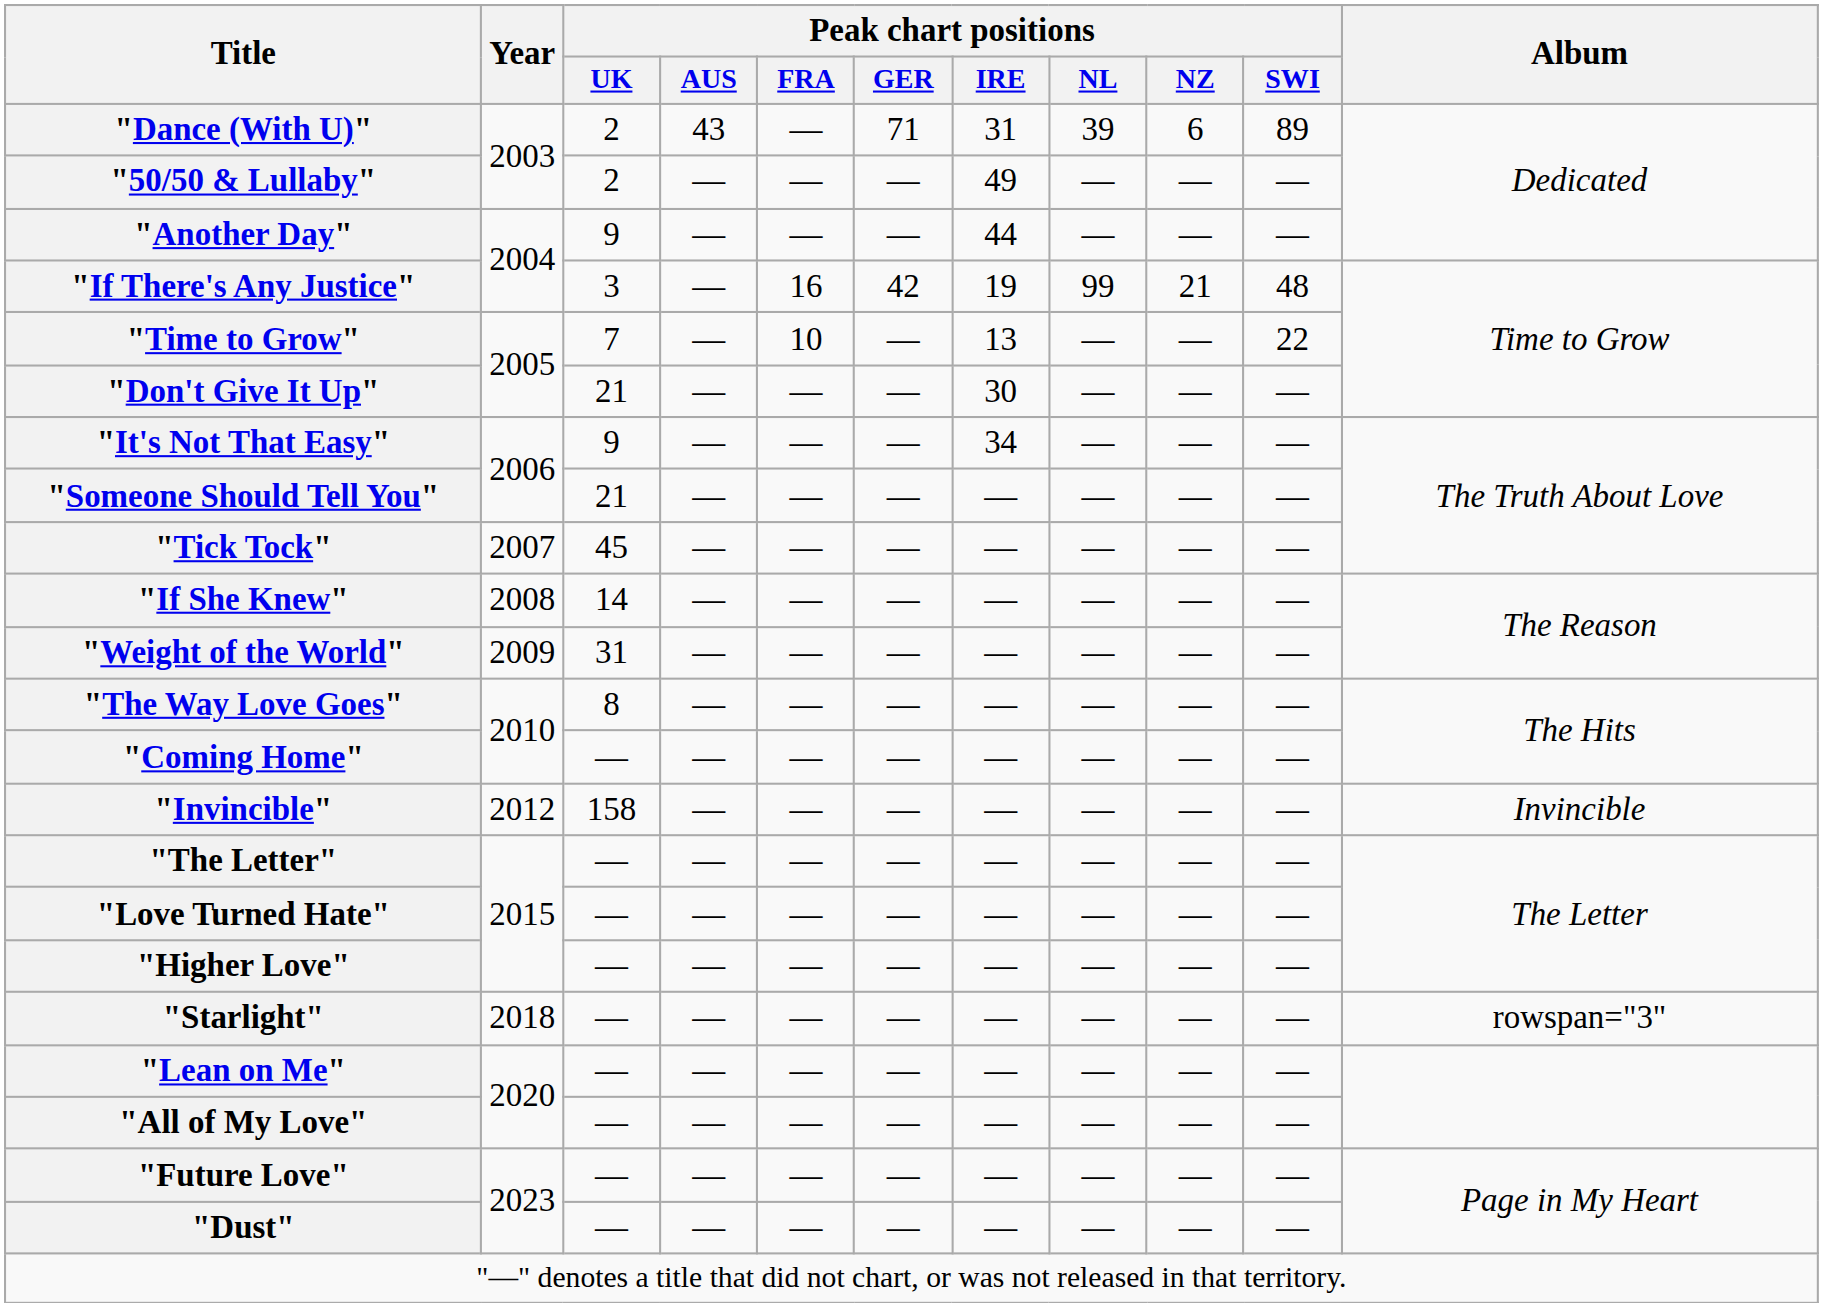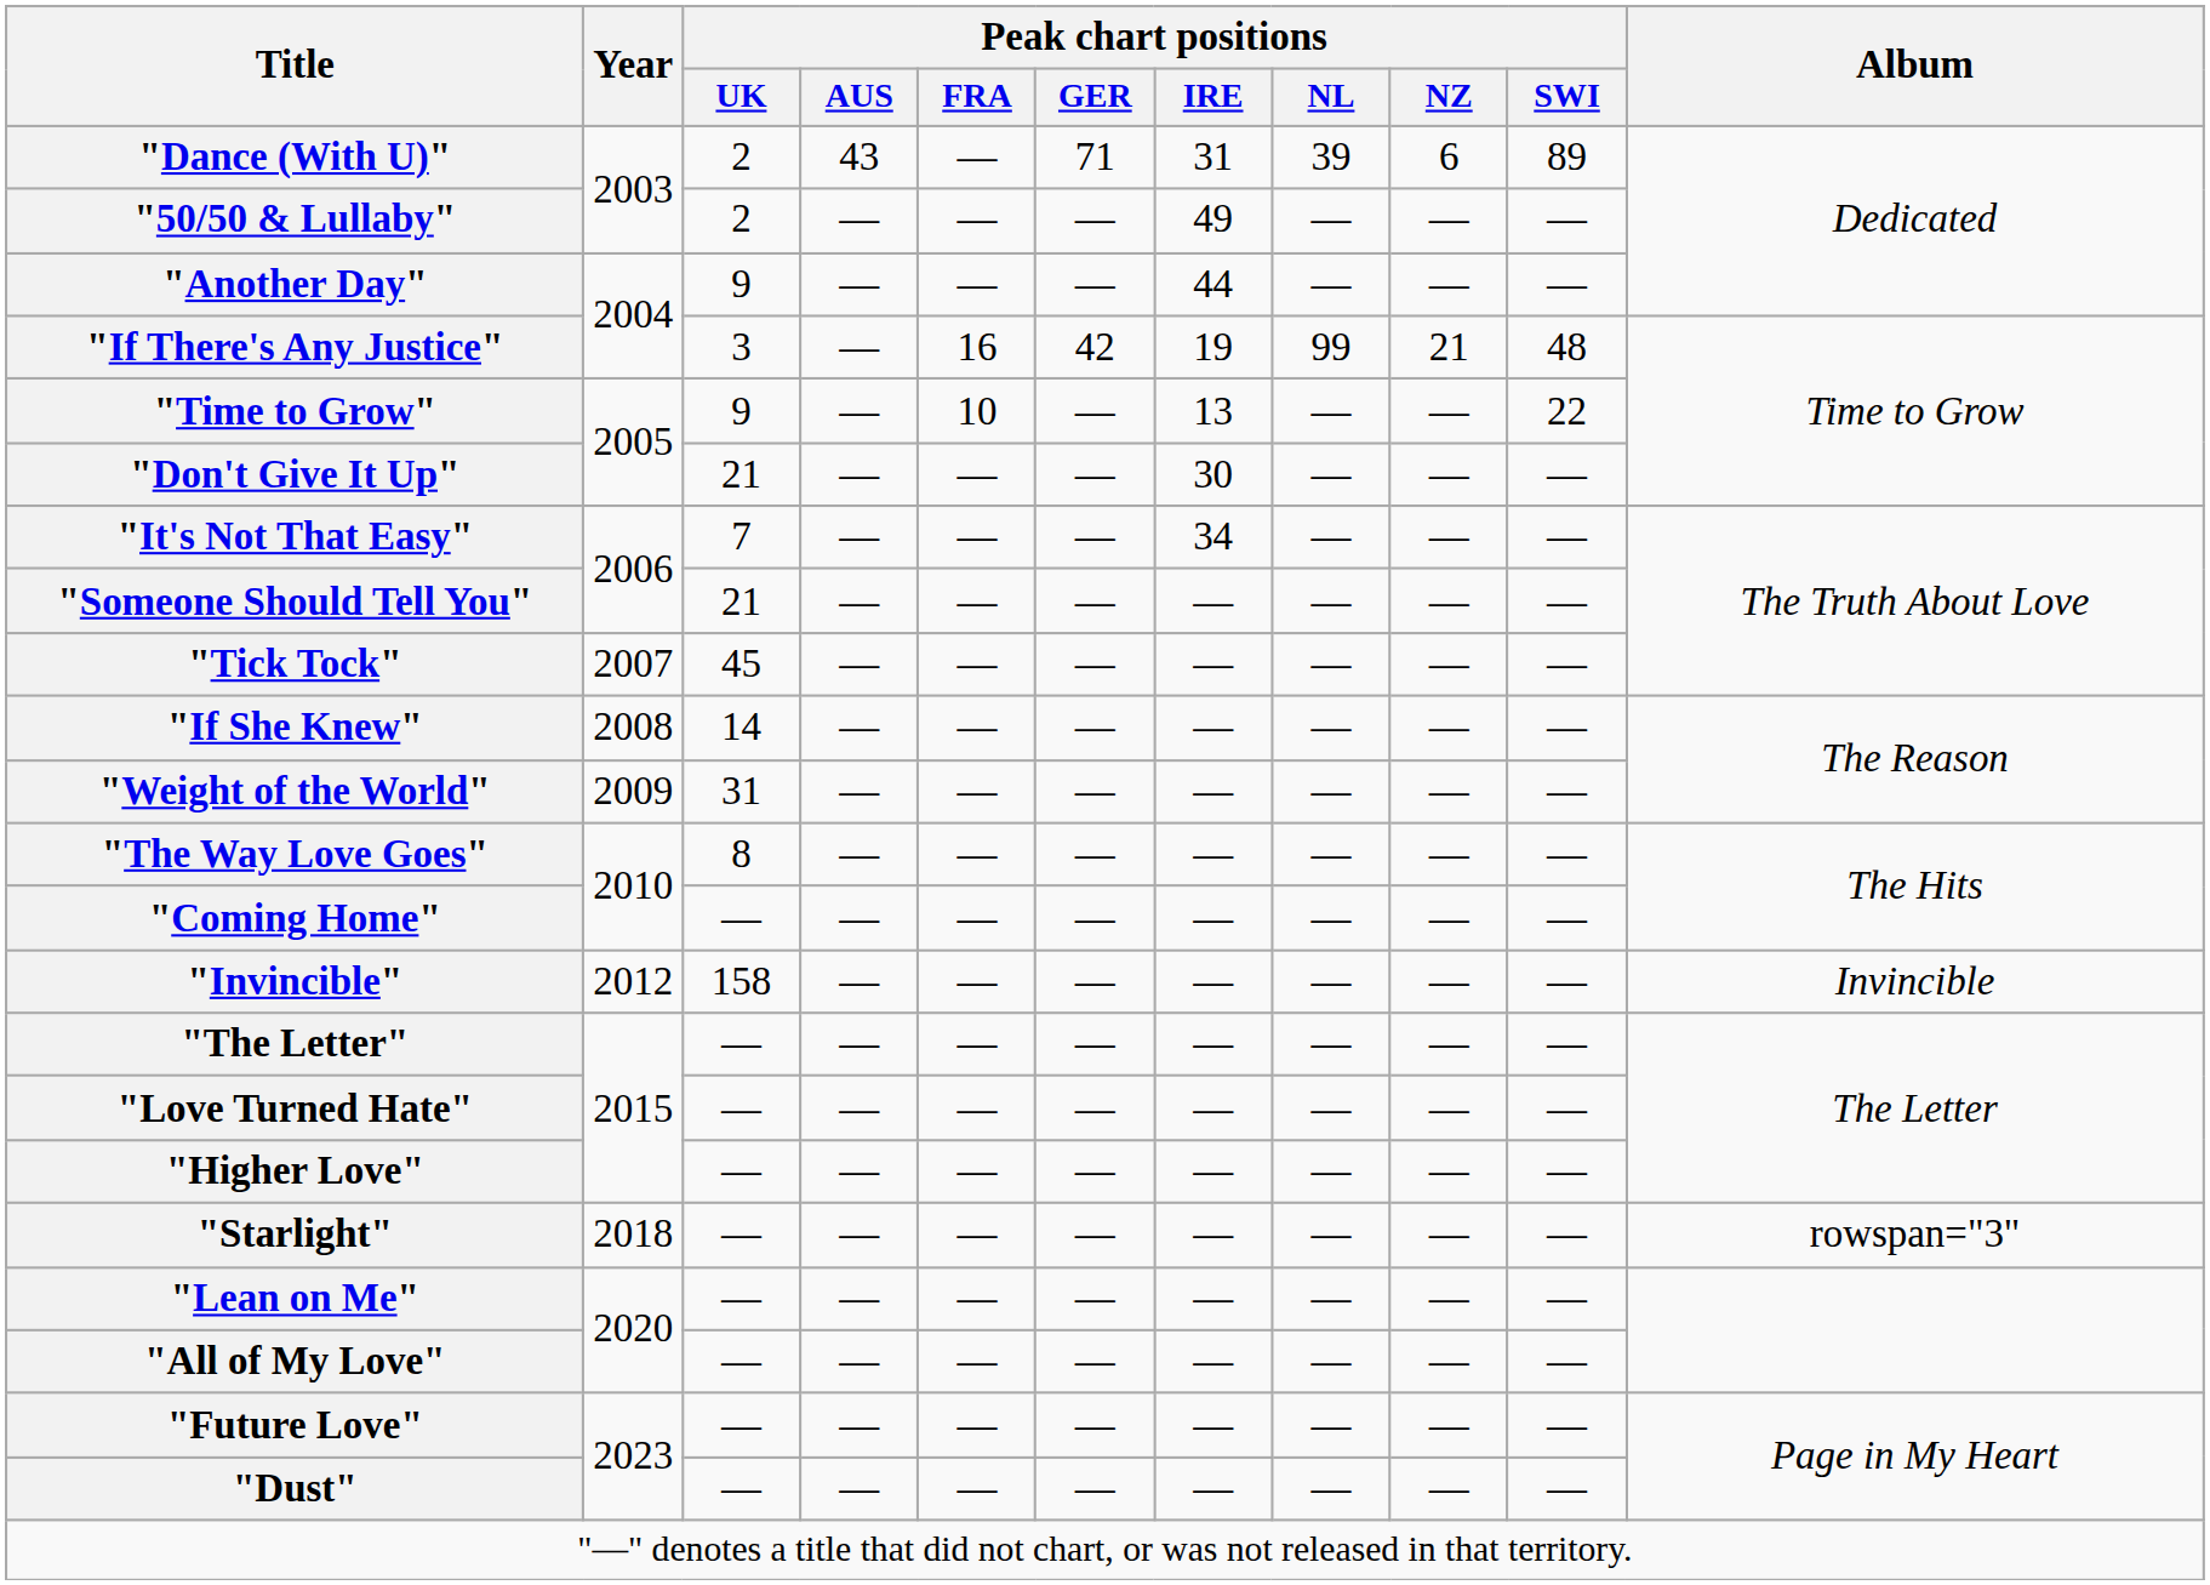 <table class="wikitable plainrowheaders" style="text-align:center;" border="1">
 <tr>
 <th scope="col" rowspan="2" style="width:14em;">Title</th>
 <th scope="col" rowspan="2">Year</th>
 <th scope="col" colspan="8">Peak chart positions</th>
 <th scope="col" rowspan="2" style="width:14em;">Album</th>
 </tr>
 <tr>
 <th scope="col" style="width:3em;font-size:85%;"><a href='#'>UK</a><br></th>
 <th scope="col" style="width:3em;font-size:85%;"><a href='#'>AUS</a><br></th>
 <th scope="col" style="width:3em;font-size:85%;"><a href='#'>FRA</a><br></th>
 <th scope="col" style="width:3em;font-size:85%;"><a href='#'>GER</a><br></th>
 <th scope="col" style="width:3em;font-size:85%;"><a href='#'>IRE</a><br></th>
 <th scope="col" style="width:3em;font-size:85%;"><a href='#'>NL</a><br></th>
 <th scope="col" style="width:3em;font-size:85%;"><a href='#'>NZ</a><br></th>
 <th scope="col" style="width:3em;font-size:85%;"><a href='#'>SWI</a><br></th>
 </tr>
 <tr>
 <th scope="row">"<a href='#'>Dance (With U)</a>"</th>
 <td rowspan="2">2003</td>
 <td>2</td>
 <td>43</td>
 <td>—</td>
 <td>71</td>
 <td>31</td>
 <td>39</td>
 <td>6</td>
 <td>89</td>
 <td rowspan="3"><em>Dedicated</em></td>
 </tr>
 <tr>
 <th scope="row">"<a href='#'>50/50 & Lullaby</a>"</th>
 <td>2</td>
 <td>—</td>
 <td>—</td>
 <td>—</td>
 <td>49</td>
 <td>—</td>
 <td>—</td>
 <td>—</td>
 </tr>
 <tr>
 <th scope="row">"<a href='#'>Another Day</a>"</th>
 <td rowspan="2">2004</td>
 <td>9</td>
 <td>—</td>
 <td>—</td>
 <td>—</td>
 <td>44</td>
 <td>—</td>
 <td>—</td>
 <td>—</td>
 </tr>
 <tr>
 <th scope="row">"<a href='#'>If There's Any Justice</a>"</th>
 <td>3</td>
 <td>—</td>
 <td>16</td>
 <td>42</td>
 <td>19</td>
 <td>99</td>
 <td>21</td>
 <td>48</td>
 <td rowspan="3"><em>Time to Grow</em></td>
 </tr>
 <tr>
 <th scope="row">"<a href='#'>Time to Grow</a>"</th>
 <td rowspan="2">2005</td>
-<td>7</td>
+<td>9</td>
 <td>—</td>
 <td>10</td>
 <td>—</td>
 <td>13</td>
 <td>—</td>
 <td>—</td>
 <td>22</td>
 </tr>
 <tr>
 <th scope="row">"<a href='#'>Don't Give It Up</a>"</th>
 <td>21</td>
 <td>—</td>
 <td>—</td>
 <td>—</td>
 <td>30</td>
 <td>—</td>
 <td>—</td>
 <td>—</td>
 </tr>
 <tr>
 <th scope="row">"<a href='#'>It's Not That Easy</a>"</th>
 <td rowspan="2">2006</td>
-<td>9</td>
+<td>7</td>
 <td>—</td>
 <td>—</td>
 <td>—</td>
 <td>34</td>
 <td>—</td>
 <td>—</td>
 <td>—</td>
 <td rowspan="3"><em>The Truth About Love</em></td>
 </tr>
 <tr>
 <th scope="row">"<a href='#'>Someone Should Tell You</a>"</th>
 <td>21</td>
 <td>—</td>
 <td>—</td>
 <td>—</td>
 <td>—</td>
 <td>—</td>
 <td>—</td>
 <td>—</td>
 </tr>
 <tr>
 <th scope="row">"<a href='#'>Tick Tock</a>"</th>
 <td rowspan="1">2007</td>
 <td>45</td>
 <td>—</td>
 <td>—</td>
 <td>—</td>
 <td>—</td>
 <td>—</td>
 <td>—</td>
 <td>—</td>
 </tr>
 <tr>
 <th scope="row">"<a href='#'>If She Knew</a>"</th>
 <td rowspan="1">2008</td>
 <td>14</td>
 <td>—</td>
 <td>—</td>
 <td>—</td>
 <td>—</td>
 <td>—</td>
 <td>—</td>
 <td>—</td>
 <td rowspan="2"><em>The Reason</em></td>
 </tr>
 <tr>
 <th scope="row">"<a href='#'>Weight of the World</a>"</th>
 <td rowspan="1">2009</td>
 <td>31</td>
 <td>—</td>
 <td>—</td>
 <td>—</td>
 <td>—</td>
 <td>—</td>
 <td>—</td>
 <td>—</td>
 </tr>
 <tr>
 <th scope="row">"<a href='#'>The Way Love Goes</a>"</th>
 <td rowspan="2">2010</td>
 <td>8</td>
 <td>—</td>
 <td>—</td>
 <td>—</td>
 <td>—</td>
 <td>—</td>
 <td>—</td>
 <td>—</td>
 <td rowspan="2"><em>The Hits</em></td>
 </tr>
 <tr>
 <th scope="row">"<a href='#'>Coming Home</a>"</th>
 <td>—</td>
 <td>—</td>
 <td>—</td>
 <td>—</td>
 <td>—</td>
 <td>—</td>
 <td>—</td>
 <td>—</td>
 </tr>
 <tr>
 <th scope="row">"<a href='#'>Invincible</a>"</th>
 <td rowspan="1">2012</td>
 <td>158</td>
 <td>—</td>
 <td>—</td>
 <td>—</td>
 <td>—</td>
 <td>—</td>
 <td>—</td>
 <td>—</td>
 <td rowspan="1"><em>Invincible</em></td>
 </tr>
 <tr>
 <th scope="row">"The Letter"</th>
 <td rowspan="3">2015</td>
 <td>—</td>
 <td>—</td>
 <td>—</td>
 <td>—</td>
 <td>—</td>
 <td>—</td>
 <td>—</td>
 <td>—</td>
 <td rowspan="3"><em>The Letter</em></td>
 </tr>
 <tr>
 <th scope="row">"Love Turned Hate"</th>
 <td>—</td>
 <td>—</td>
 <td>—</td>
 <td>—</td>
 <td>—</td>
 <td>—</td>
 <td>—</td>
 <td>—</td>
 </tr>
 <tr>
 <th scope="row">"Higher Love"</th>
 <td>—</td>
 <td>—</td>
 <td>—</td>
 <td>—</td>
 <td>—</td>
 <td>—</td>
 <td>—</td>
 <td>—</td>
 </tr>
 <tr>
 <th scope="row">"Starlight"</th>
 <td rowspan="1">2018</td>
 <td>—</td>
 <td>—</td>
 <td>—</td>
 <td>—</td>
 <td>—</td>
 <td>—</td>
 <td>—</td>
 <td>—</td>
 <td>rowspan="3" </td>
 </tr>
 <tr>
 <th scope="row">"<a href='#'>Lean on Me</a>"</th>
 <td rowspan="2">2020</td>
 <td>—</td>
 <td>—</td>
 <td>—</td>
 <td>—</td>
 <td>—</td>
 <td>—</td>
 <td>—</td>
 <td>—</td>
 </tr>
 <tr>
 <th scope="row">"All of My Love"</th>
 <td>—</td>
 <td>—</td>
 <td>—</td>
 <td>—</td>
 <td>—</td>
 <td>—</td>
 <td>—</td>
 <td>—</td>
 </tr>
 <tr>
 <th scope="row">"Future Love"</th>
 <td rowspan="2">2023</td>
 <td>—</td>
 <td>—</td>
 <td>—</td>
 <td>—</td>
 <td>—</td>
 <td>—</td>
 <td>—</td>
 <td>—</td>
 <td rowspan="2"><em>Page in My Heart</em></td>
 </tr>
 <tr>
 <th scope="row">"Dust"</th>
 <td>—</td>
 <td>—</td>
 <td>—</td>
 <td>—</td>
 <td>—</td>
 <td>—</td>
 <td>—</td>
 <td>—</td>
 </tr>
 <tr>
 <td colspan="19" style="font-size:90%">"—" denotes a title that did not chart, or was not released in that territory.</td>
 </tr>
 </table>
